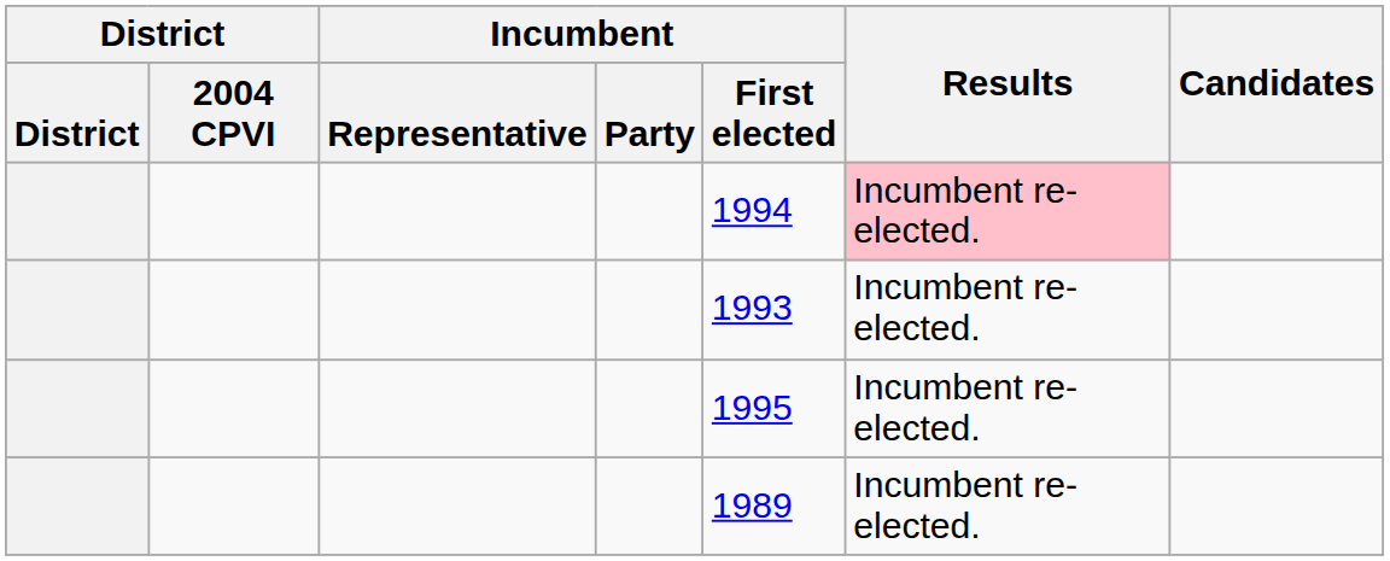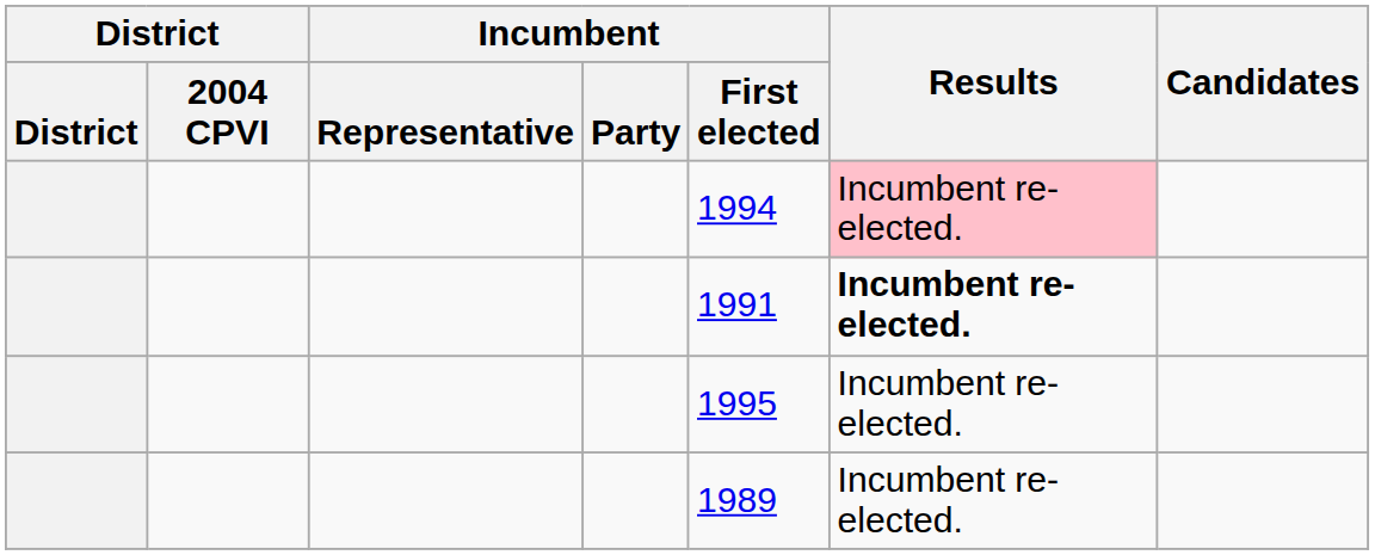 <table class="wikitable sortable">
 <tr>
 <th colspan=2>District</th>
 <th colspan=3>Incumbent</th>
 <th rowspan=2>Results</th>
 <th rowspan=2>Candidates</th>
 </tr>
 <tr valign=bottom>
 <th>District</th>
 <th>2004 CPVI</th>
 <th>Representative</th>
 <th>Party</th>
 <th>First<br>elected</th>
 </tr>
 <tr>
 <th></th>
 <td></td>
 <td></td>
 <td></td>
 <td><a href='#'>1994</a></td>
 <td style="background: pink;">Incumbent re-elected.</td>
 <td nowrap></td>
 </tr>
 <tr>
 <th></th>
 <td></td>
 <td></td>
 <td></td>
-<td><a href='#'>1993</a></td>
-<td>Incumbent re-elected.</td>
+<td><a href='#'>1991</a></td>
+<td><strong>Incumbent re-elected.</strong></td>
 <td nowrap></td>
 </tr>
 <tr>
 <th></th>
 <td></td>
 <td></td>
 <td></td>
 <td><a href='#'>1995</a></td>
 <td>Incumbent re-elected.</td>
 <td nowrap></td>
 </tr>
 <tr>
 <th></th>
 <td></td>
 <td></td>
 <td></td>
 <td><a href='#'>1989</a></td>
 <td>Incumbent re-elected.</td>
 <td nowrap></td>
 </tr>
 </table>
